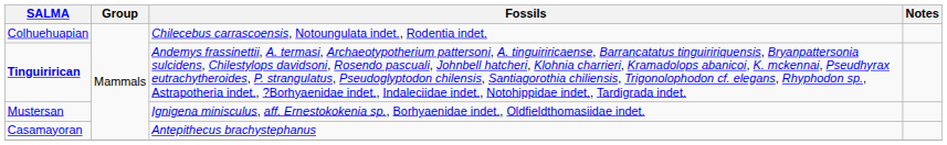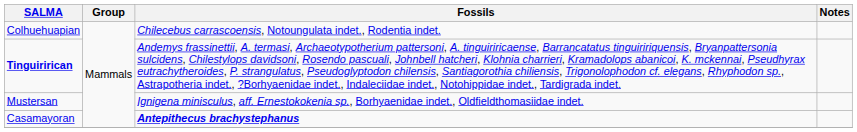 <table class="wikitable sortable">
 <tr>
 <th><a href='#'>SALMA</a></th>
 <th>Group</th>
 <th>Fossils</th>
 <th class=unsortable>Notes</th>
 </tr>
 <tr>
 <td style="background-color: "><a href='#'>Colhuehuapian</a></td>
 <td rowspan=4>Mammals</td>
 <td><em><a href='#'>Chilecebus carrascoensis</a></em>, <a href='#'>Notoungulata indet.</a>, <a href='#'>Rodentia indet.</a></td>
 <td></td>
 </tr>
 <tr>
 <td style="background-color: "><strong><a href='#'>Tinguirirican</a></strong></td>
 <td><em><a href='#'>Andemys frassinettii</a></em>, <em><a href='#'>A. termasi</a></em>, <em><a href='#'>Archaeotypotherium pattersoni</a></em>, <em><a href='#'>A. tinguiriricaense</a></em>, <em><a href='#'>Barrancatatus tinguiririquensis</a></em>, <em><a href='#'>Bryanpattersonia sulcidens</a></em>, <em><a href='#'>Chilestylops davidsoni</a></em>, <em><a href='#'>Rosendo pascuali</a></em>, <em><a href='#'>Johnbell hatcheri</a></em>, <em><a href='#'>Klohnia charrieri</a></em>, <em><a href='#'>Kramadolops abanicoi</a></em>, <em><a href='#'>K. mckennai</a></em>, <em><a href='#'>Pseudhyrax eutrachytheroides</a></em>, <em><a href='#'>P. strangulatus</a></em>, <em><a href='#'>Pseudoglyptodon chilensis</a></em>, <em><a href='#'>Santiagorothia chiliensis</a></em>, <em><a href='#'>Trigonolophodon cf. elegans</a></em>, <em><a href='#'>Rhyphodon sp.</a></em>, <a href='#'>Astrapotheria indet.</a>, <a href='#'>?Borhyaenidae indet.</a>, <a href='#'>Indaleciidae indet.</a>, <a href='#'>Notohippidae indet.</a>, <a href='#'>Tardigrada indet.</a></td>
 <td></td>
 </tr>
 <tr>
 <td style="background-color: "><a href='#'>Mustersan</a></td>
 <td><em><a href='#'>Ignigena minisculus</a></em>, <em><a href='#'>aff. Ernestokokenia sp.</a></em>, <a href='#'>Borhyaenidae indet.</a>, <a href='#'>Oldfieldthomasiidae indet.</a></td>
 <td></td>
 </tr>
 <tr>
 <td style="background-color: "><a href='#'>Casamayoran</a></td>
-<td><em><a href='#'>Antepithecus brachystephanus</a></em></td>
+<td><strong><em><a href='#'>Antepithecus brachystephanus</a></em></strong></td>
 <td></td>
 </tr>
 <tr>
 </tr>
 </table>
